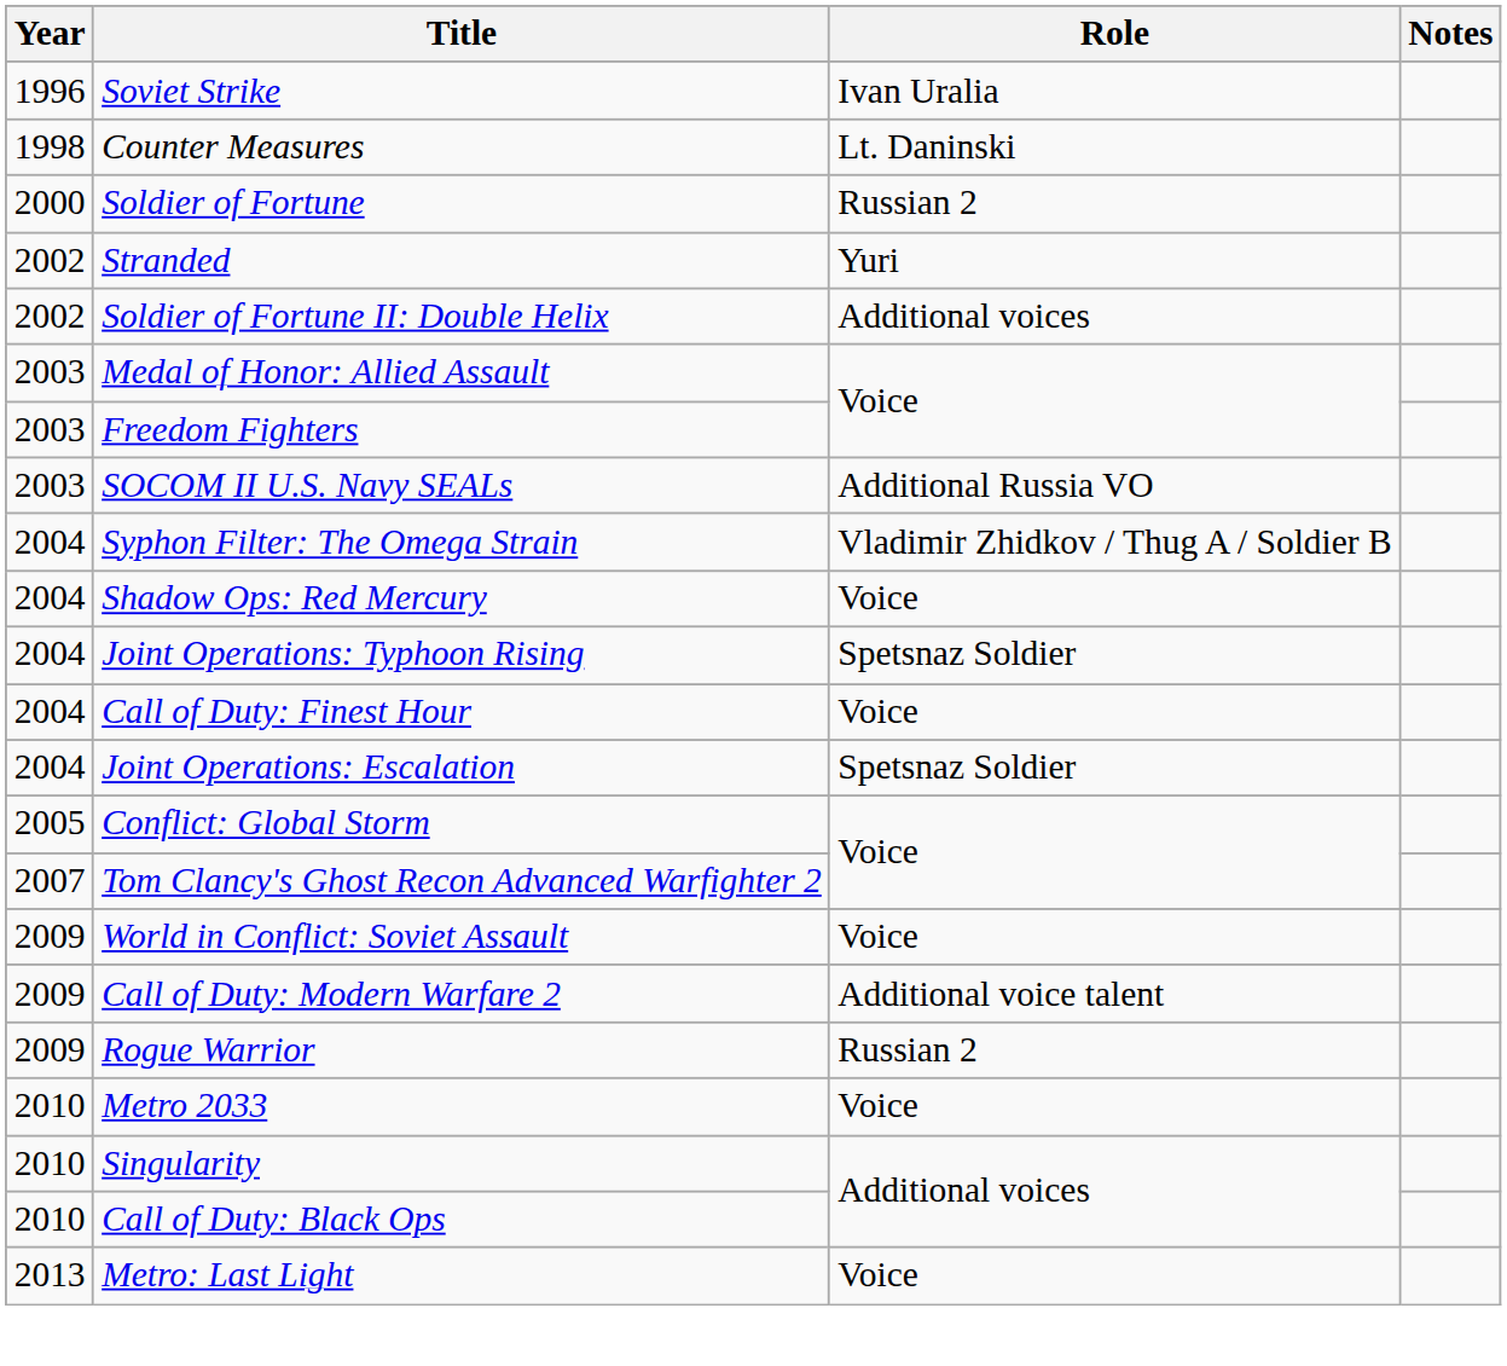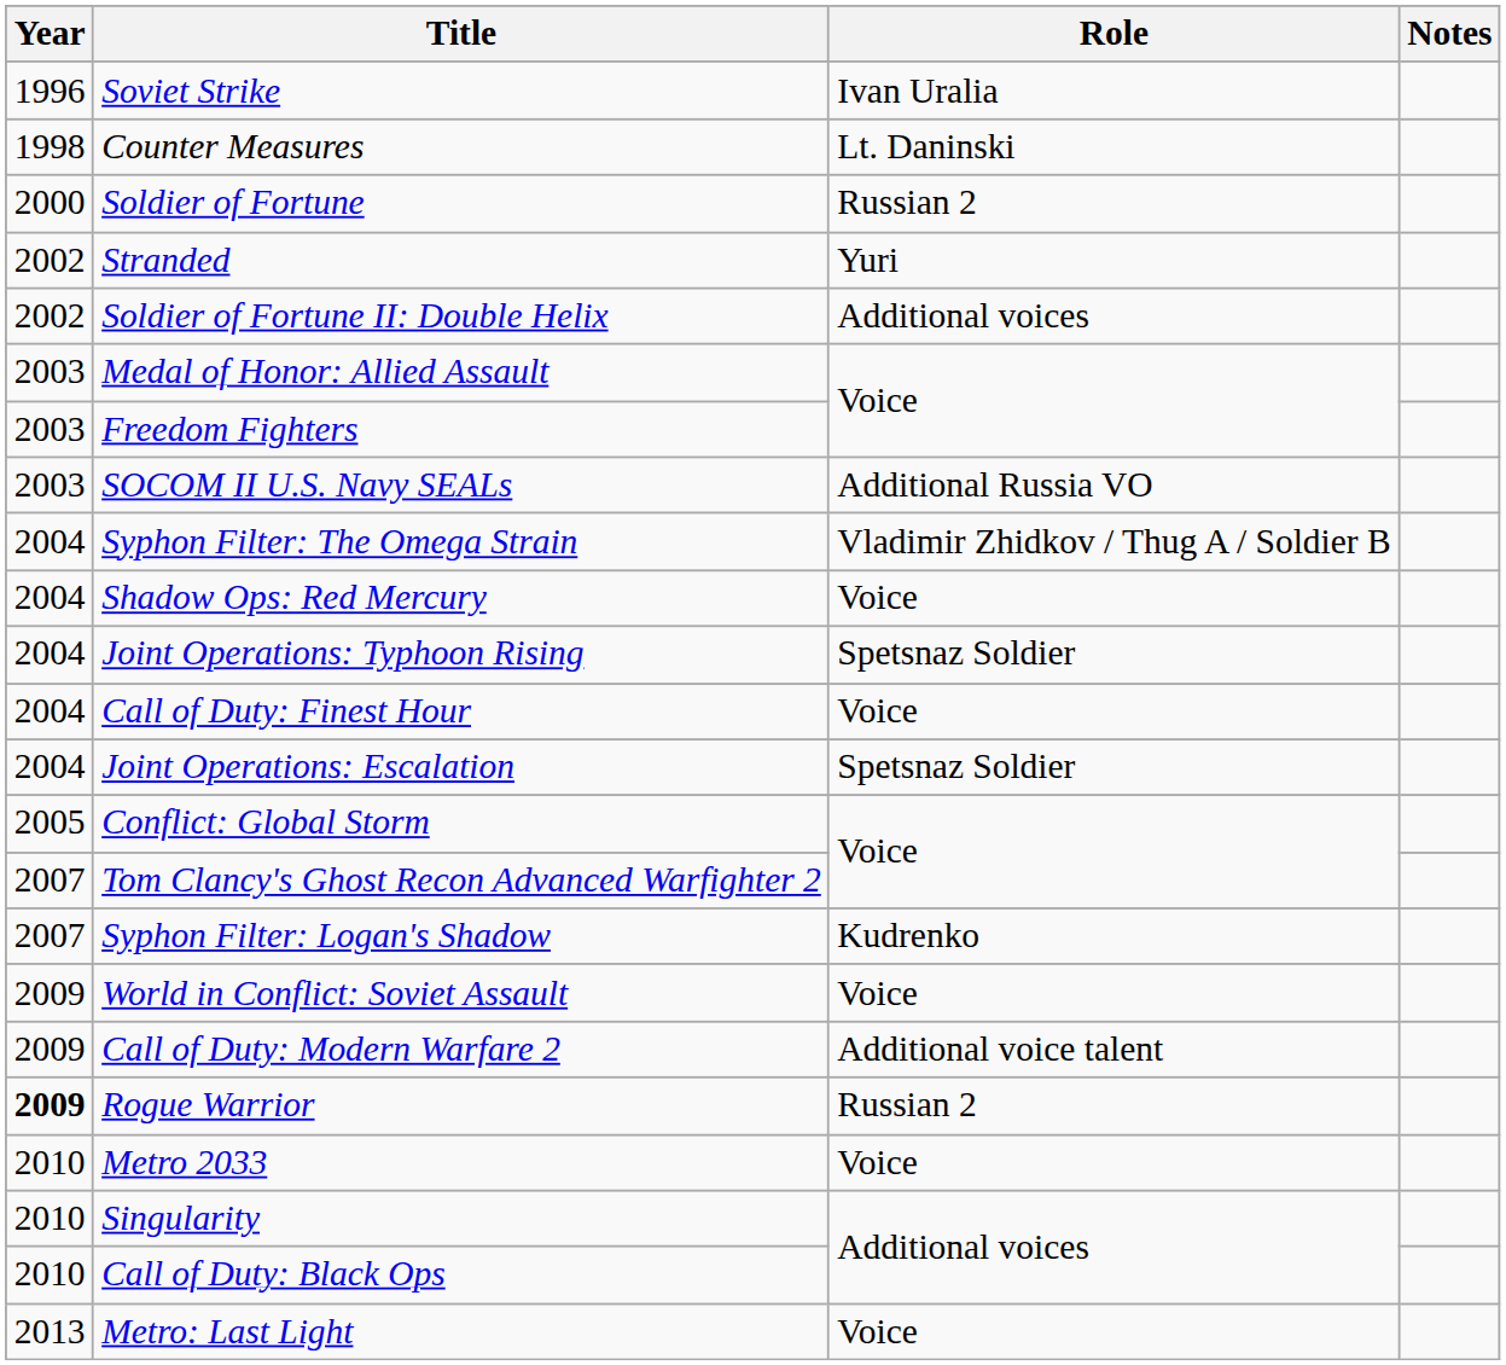 <table class="wikitable sortable">
 <tr>
 <th>Year</th>
 <th>Title</th>
 <th>Role</th>
 <th>Notes</th>
 </tr>
 <tr>
 <td>1996</td>
 <td><em><a href='#'>Soviet Strike</a></em></td>
 <td>Ivan Uralia</td>
 <td></td>
 </tr>
 <tr>
 <td>1998</td>
 <td><em>Counter Measures</em></td>
 <td>Lt. Daninski</td>
 <td></td>
 </tr>
 <tr>
 <td>2000</td>
 <td><a href='#'><em>Soldier of Fortune</em></a></td>
 <td>Russian 2</td>
 <td></td>
 </tr>
 <tr>
 <td>2002</td>
 <td><a href='#'><em>Stranded</em></a></td>
 <td>Yuri</td>
 <td></td>
 </tr>
 <tr>
 <td>2002</td>
 <td><em><a href='#'>Soldier of Fortune II: Double Helix</a></em></td>
 <td>Additional voices</td>
 <td></td>
 </tr>
 <tr>
 <td>2003</td>
 <td><em><a href='#'>Medal of Honor: Allied Assault</a></em></td>
 <td rowspan="2">Voice</td>
 <td></td>
 </tr>
 <tr>
 <td>2003</td>
 <td><a href='#'><em>Freedom Fighters</em></a></td>
 <td></td>
 </tr>
 <tr>
 <td>2003</td>
 <td><em><a href='#'>SOCOM II U.S. Navy SEALs</a></em></td>
 <td>Additional Russia VO</td>
 <td></td>
 </tr>
 <tr>
 <td>2004</td>
 <td><em><a href='#'>Syphon Filter: The Omega Strain</a></em></td>
 <td>Vladimir Zhidkov / Thug A / Soldier B</td>
 <td></td>
 </tr>
 <tr>
 <td>2004</td>
 <td><em><a href='#'>Shadow Ops: Red Mercury</a></em></td>
 <td>Voice</td>
 <td></td>
 </tr>
 <tr>
 <td>2004</td>
 <td><em><a href='#'>Joint Operations: Typhoon Rising</a></em></td>
 <td>Spetsnaz Soldier</td>
 <td></td>
 </tr>
 <tr>
 <td>2004</td>
 <td><em><a href='#'>Call of Duty: Finest Hour</a></em></td>
 <td>Voice</td>
 <td></td>
 </tr>
 <tr>
 <td>2004</td>
 <td><em><a href='#'>Joint Operations: Escalation</a></em></td>
 <td>Spetsnaz Soldier</td>
 <td></td>
 </tr>
 <tr>
 <td>2005</td>
 <td><em><a href='#'>Conflict: Global Storm</a></em></td>
 <td rowspan="2">Voice</td>
 <td></td>
 </tr>
 <tr>
 <td>2007</td>
 <td><em><a href='#'>Tom Clancy's Ghost Recon Advanced Warfighter 2</a></em></td>
 <td></td>
 </tr>
 <tr>
+<td>2007</td>
+<td><em><a href='#'>Syphon Filter: Logan's Shadow</a></em></td>
+<td>Kudrenko</td>
+<td></td>
+</tr>
+<tr>
 <td>2009</td>
 <td><em><a href='#'>World in Conflict: Soviet Assault</a></em></td>
 <td>Voice</td>
 <td></td>
 </tr>
 <tr>
 <td>2009</td>
 <td><em><a href='#'>Call of Duty: Modern Warfare 2</a></em></td>
 <td>Additional voice talent</td>
 <td></td>
 </tr>
 <tr>
-<td>2009</td>
+<td><strong>2009</strong></td>
 <td><a href='#'><em>Rogue Warrior</em></a></td>
 <td>Russian 2</td>
 <td></td>
 </tr>
 <tr>
 <td>2010</td>
 <td><a href='#'><em>Metro 2033</em></a></td>
 <td>Voice</td>
 <td></td>
 </tr>
 <tr>
 <td>2010</td>
 <td><a href='#'><em>Singularity</em></a></td>
 <td rowspan="2">Additional voices</td>
 <td></td>
 </tr>
 <tr>
 <td>2010</td>
 <td><em><a href='#'>Call of Duty: Black Ops</a></em></td>
 <td></td>
 </tr>
 <tr>
 <td>2013</td>
 <td><em><a href='#'>Metro: Last Light</a></em></td>
 <td>Voice</td>
 <td></td>
 </tr>
 </table>
